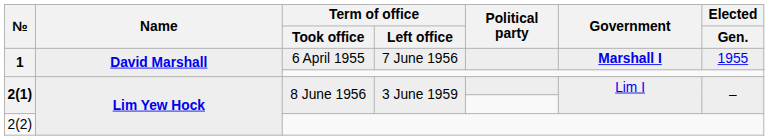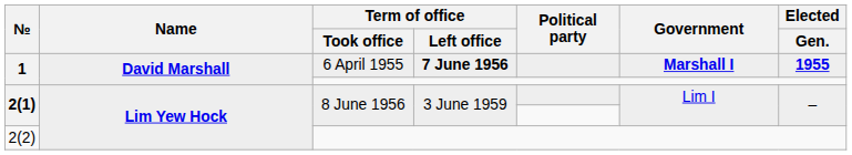 <table class="wikitable" style="text-align:center" width="100%">
 <tr>
 <th rowspan="2" style="width:25px;">№</th>
 <th rowspan="2" style="width:280px;">Name</th>
 <th colspan="2">Term of office</th>
 <th rowspan="2" style="width:100px;">Political party</th>
 <th rowspan="2" style="width:160px;">Government</th>
 <th>Elected</th>
 </tr>
 <tr>
 <th>Took office</th>
 <th>Left office</th>
 <th>Gen.</th>
 </tr>
 <tr bgcolor="#EEEEEE">
 <th rowspan="2" style="background:">1</th>
 <td rowspan="2"><strong><a href='#'>David Marshall</a></strong><br></td>
 <td>6 April 1955</td>
-<td>7 June 1956</td>
+<td><strong>7 June 1956</strong></td>
 <td style="background:"><a href='#'></a></td>
 <td><strong><a href='#'>Marshall I</a><br></strong></td>
-<td><a href='#'>1955</a></td>
+<td><strong><a href='#'>1955</a></strong></td>
 </tr>
 <tr>
 <td colspan="5" align="left"></td>
 </tr>
 <tr bgcolor="#EEEEEE">
 <th rowspan="2.5" style="background:">2(1)</th>
 <td rowspan="3"><strong><a href='#'>Lim Yew Hock</a></strong><br></td>
 <td rowspan="2">8 June 1956</td>
 <td rowspan="2">3 June 1959</td>
 <td style="background:"><a href='#'></a></td>
 <td rowspan="2"><a href='#'>Lim I</a> <br> <br></td>
 <td rowspan="2">–</td>
 </tr>
 <tr>
 <td style="background:"><a href='#'></a></td>
 </tr>
 <tr>
 <td style="background:">2(2)</td>
 <td colspan="5" align="left"></td>
 </tr>
 </table>
